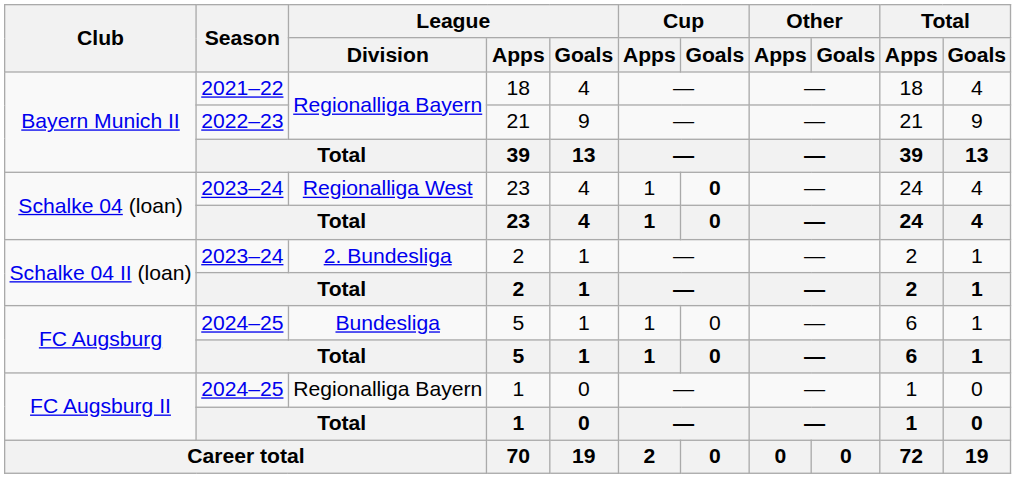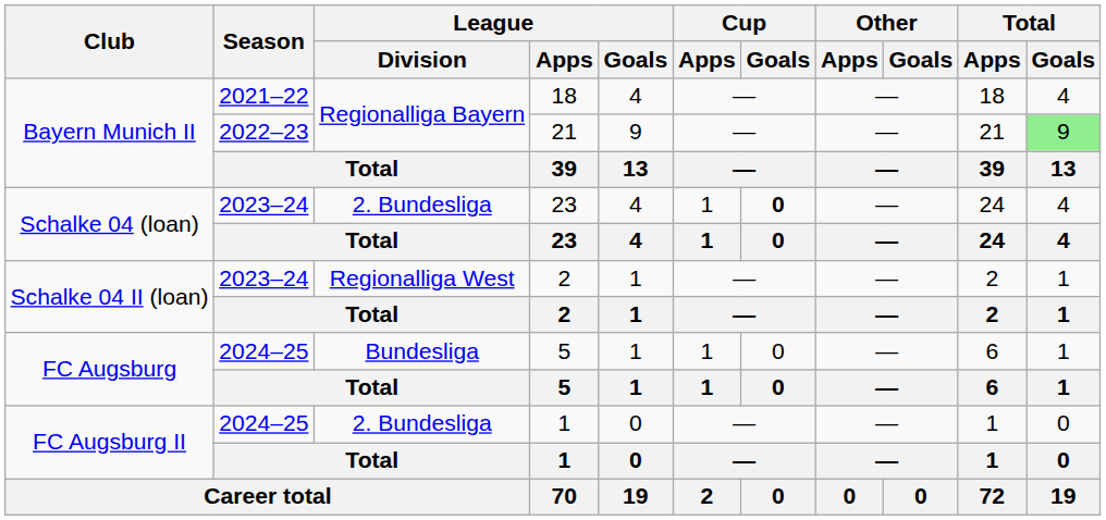 <table class="wikitable" style="text-align:center">
 <tr>
 <th rowspan="2">Club</th>
 <th rowspan="2">Season</th>
 <th colspan="3">League</th>
 <th colspan="2">Cup</th>
 <th colspan="2">Other</th>
 <th colspan="2">Total</th>
 </tr>
 <tr>
 <th>Division</th>
 <th>Apps</th>
 <th>Goals</th>
 <th>Apps</th>
 <th>Goals</th>
 <th>Apps</th>
 <th>Goals</th>
 <th>Apps</th>
 <th>Goals</th>
 </tr>
 <tr>
 <td rowspan="3"><a href='#'>Bayern Munich II</a></td>
 <td><a href='#'>2021–22</a></td>
 <td rowspan="2"><a href='#'>Regionalliga Bayern</a></td>
 <td>18</td>
 <td>4</td>
 <td colspan="2">—</td>
 <td colspan="2">—</td>
 <td>18</td>
 <td>4</td>
 </tr>
 <tr>
 <td><a href='#'>2022–23</a></td>
 <td>21</td>
 <td>9</td>
 <td colspan="2">—</td>
 <td colspan="2">—</td>
 <td>21</td>
-<td>9</td>
+<td style="background: lightgreen;">9</td>
 </tr>
 <tr>
 <th colspan="2">Total</th>
 <th>39</th>
 <th>13</th>
 <th colspan=2>—</th>
 <th colspan="2">—</th>
 <th>39</th>
 <th>13</th>
 </tr>
 <tr>
 <td rowspan="2"><a href='#'>Schalke 04</a> (loan)</td>
 <td><a href='#'>2023–24</a></td>
-<td><a href='#'>Regionalliga West</a></td>
+<td><a href='#'>2. Bundesliga</a></td>
 <td>23</td>
 <td>4</td>
 <td>1</td>
 <td><strong>0</strong></td>
 <td colspan="2">—</td>
 <td>24</td>
 <td>4</td>
 </tr>
 <tr>
 <th colspan="2">Total</th>
 <th>23</th>
 <th>4</th>
 <th>1</th>
 <th>0</th>
 <th colspan="2">—</th>
 <th>24</th>
 <th>4</th>
 </tr>
 <tr>
 <td rowspan="2"><a href='#'>Schalke 04 II</a> (loan)</td>
 <td><a href='#'>2023–24</a></td>
-<td><a href='#'>2. Bundesliga</a></td>
+<td><a href='#'>Regionalliga West</a></td>
 <td>2</td>
 <td>1</td>
 <td colspan="2">—</td>
 <td colspan="2">—</td>
 <td>2</td>
 <td>1</td>
 </tr>
 <tr>
 <th colspan="2">Total</th>
 <th>2</th>
 <th>1</th>
 <th colspan="2">—</th>
 <th colspan="2">—</th>
 <th>2</th>
 <th>1</th>
 </tr>
 <tr>
 <td rowspan="2"><a href='#'>FC Augsburg</a></td>
 <td><a href='#'>2024–25</a></td>
 <td><a href='#'>Bundesliga</a></td>
 <td>5</td>
 <td>1</td>
 <td>1</td>
 <td>0</td>
 <td colspan="2">—</td>
 <td>6</td>
 <td>1</td>
 </tr>
 <tr>
 <th colspan="2">Total</th>
 <th>5</th>
 <th>1</th>
 <th>1</th>
 <th>0</th>
 <th colspan="2">—</th>
 <th>6</th>
 <th>1</th>
 </tr>
 <tr>
 <td rowspan="2"><a href='#'>FC Augsburg II</a></td>
 <td><a href='#'>2024–25</a></td>
-<td>Regionalliga Bayern</td>
+<td><a href='#'>2. Bundesliga</a></td>
 <td>1</td>
 <td>0</td>
 <td colspan="2">—</td>
 <td colspan="2">—</td>
 <td>1</td>
 <td>0</td>
 </tr>
 <tr>
 <th colspan="2">Total</th>
 <th>1</th>
 <th>0</th>
 <th colspan="2">—</th>
 <th colspan="2">—</th>
 <th>1</th>
 <th>0</th>
 </tr>
 <tr>
 <th colspan="3">Career total</th>
 <th>70</th>
 <th>19</th>
 <th>2</th>
 <th>0</th>
 <th>0</th>
 <th>0</th>
 <th>72</th>
 <th>19</th>
 </tr>
 </table>
